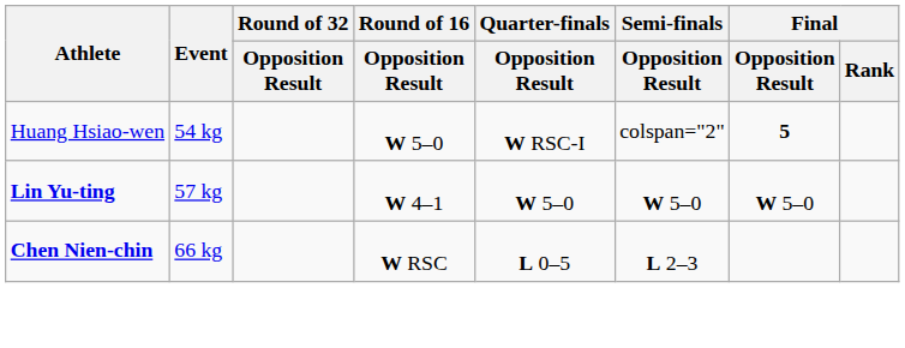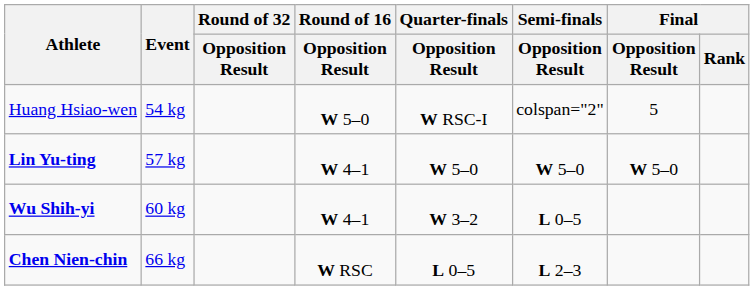 <table class="wikitable" style="font-size:90%; text-align:center">
 <tr>
 <th rowspan="2">Athlete</th>
 <th rowspan="2">Event</th>
 <th>Round of 32</th>
 <th>Round of 16</th>
 <th>Quarter-finals</th>
 <th>Semi-finals</th>
 <th colspan="2">Final</th>
 </tr>
 <tr>
 <th>Opposition<br>Result</th>
 <th>Opposition<br>Result</th>
 <th>Opposition<br>Result</th>
 <th>Opposition<br>Result</th>
 <th>Opposition<br>Result</th>
 <th>Rank</th>
 </tr>
 <tr>
 <td align="left"><a href='#'>Huang Hsiao-wen</a></td>
 <td align="left"><a href='#'>54 kg</a></td>
 <td></td>
 <td><br><strong>W</strong> 5–0</td>
 <td><br><strong>W</strong> RSC-I</td>
 <td>colspan="2" </td>
-<td><strong>5</strong></td>
+<td>5</td>
 </tr>
 <tr>
 <td align="left"><strong><a href='#'>Lin Yu-ting</a></strong></td>
 <td align="left"><a href='#'>57 kg</a></td>
 <td></td>
 <td><br><strong>W</strong> 4–1</td>
 <td><br><strong>W</strong> 5–0</td>
 <td><br><strong>W</strong> 5–0</td>
 <td><br><strong>W</strong> 5–0</td>
+<td></td>
+</tr>
+<tr>
+<td align="left"><strong><a href='#'>Wu Shih-yi</a></strong></td>
+<td align="left"><a href='#'>60 kg</a></td>
+<td></td>
+<td><br><strong>W</strong> 4–1</td>
+<td><br><strong>W</strong> 3–2</td>
+<td><br><strong>L</strong> 0–5</td>
+<td></td>
 <td></td>
 </tr>
 <tr>
 <td align="left"><strong><a href='#'>Chen Nien-chin</a></strong></td>
 <td align="left"><a href='#'>66 kg</a></td>
 <td></td>
 <td><br><strong>W</strong> RSC</td>
 <td><br><strong>L</strong> 0–5</td>
 <td><br><strong>L</strong> 2–3</td>
 <td></td>
 <td></td>
 </tr>
 </table>
